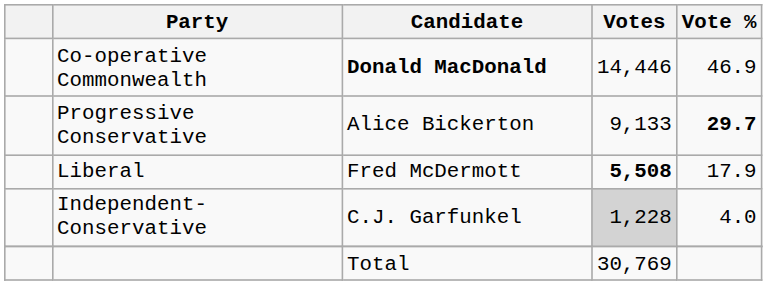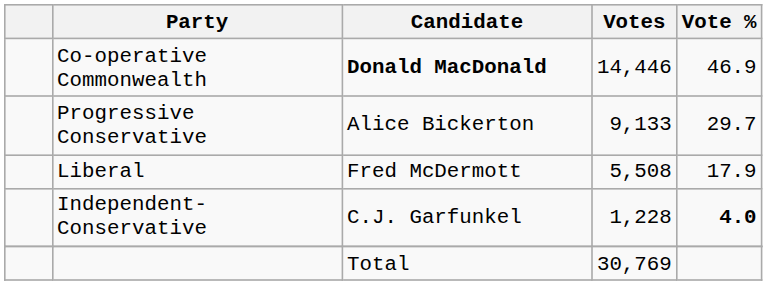 <table class="wikitable">
 <tr>
 <th></th>
 <th scope="col" style="width:175px;">Party</th>
 <th scope="col" style="width:150px;">Candidate</th>
 <th>Votes</th>
 <th>Vote %</th>
 </tr>
 <tr>
 <td>   </td>
 <td>Co-operative Commonwealth</td>
 <td><strong>Donald MacDonald</strong></td>
 <td align=right>14,446</td>
 <td align=right>46.9</td>
 </tr>
 <tr |>
 <td>   </td>
 <td>Progressive Conservative</td>
 <td>Alice Bickerton</td>
 <td align=right>9,133</td>
-<td align=right><strong>29.7</strong></td>
+<td align=right>29.7</td>
 </tr>
 <tr |>
 <td>   </td>
 <td>Liberal</td>
 <td>Fred McDermott</td>
-<td align=right><strong>5,508</strong></td>
+<td align=right>5,508</td>
 <td align=right>17.9</td>
 </tr>
 <tr |>
 <td>   </td>
 <td>Independent-Conservative</td>
 <td>C.J. Garfunkel</td>
-<td align=right style="background: lightgrey;">1,228</td>
-<td align=right>4.0</td>
+<td align=right>1,228</td>
+<td align=right><strong>4.0</strong></td>
 </tr>
 <tr |>
 </tr>
 <tr |>
 <td></td>
 <td></td>
 <td>Total</td>
 <td align=right>30,769</td>
 <td></td>
 </tr>
 </table>
